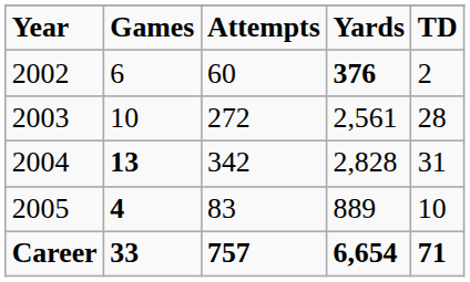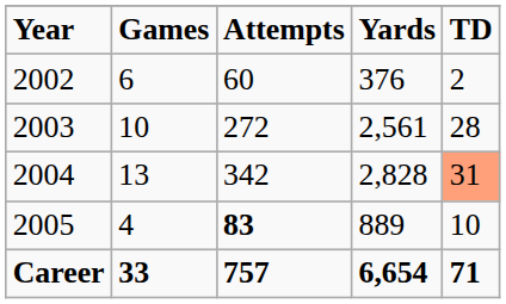 <table class="wikitable">
 <tr>
 </tr>
 <tr style="font-weight:bold;">
 <td>Year</td>
 <td>Games</td>
 <td>Attempts</td>
 <td>Yards</td>
 <td>TD</td>
 </tr>
 <tr>
 <td>2002</td>
 <td>6</td>
 <td>60</td>
-<td><strong>376</strong></td>
+<td>376</td>
 <td>2</td>
 </tr>
 <tr>
 <td>2003</td>
 <td>10</td>
 <td>272</td>
 <td>2,561</td>
 <td>28</td>
 </tr>
 <tr>
 <td>2004</td>
-<td><strong>13</strong></td>
+<td>13</td>
 <td>342</td>
 <td>2,828</td>
-<td>31</td>
+<td style="background: lightsalmon;">31</td>
 </tr>
 <tr>
 <td>2005</td>
-<td><strong>4</strong></td>
-<td>83</td>
+<td>4</td>
+<td><strong>83</strong></td>
 <td>889</td>
 <td>10</td>
 </tr>
 <tr style="font-weight:bold;">
 <td>Career</td>
 <td>33</td>
 <td>757</td>
 <td>6,654</td>
 <td>71</td>
 </tr>
 </table>
